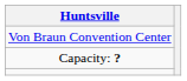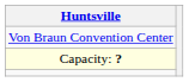 <table class="wikitable" style="text-align:center">
 <tr>
 <th><a href='#'>Huntsville</a></th>
 <th rowspan=4><div></div></th>
 </tr>
 <tr>
 <td><a href='#'>Von Braun Convention Center</a></td>
 </tr>
 <tr>
-<td>Capacity: <strong>?</strong></td>
+<td style="background: lightyellow;">Capacity: <strong>?</strong></td>
 </tr>
 <tr>
 <td></td>
 </tr>
 </table>
